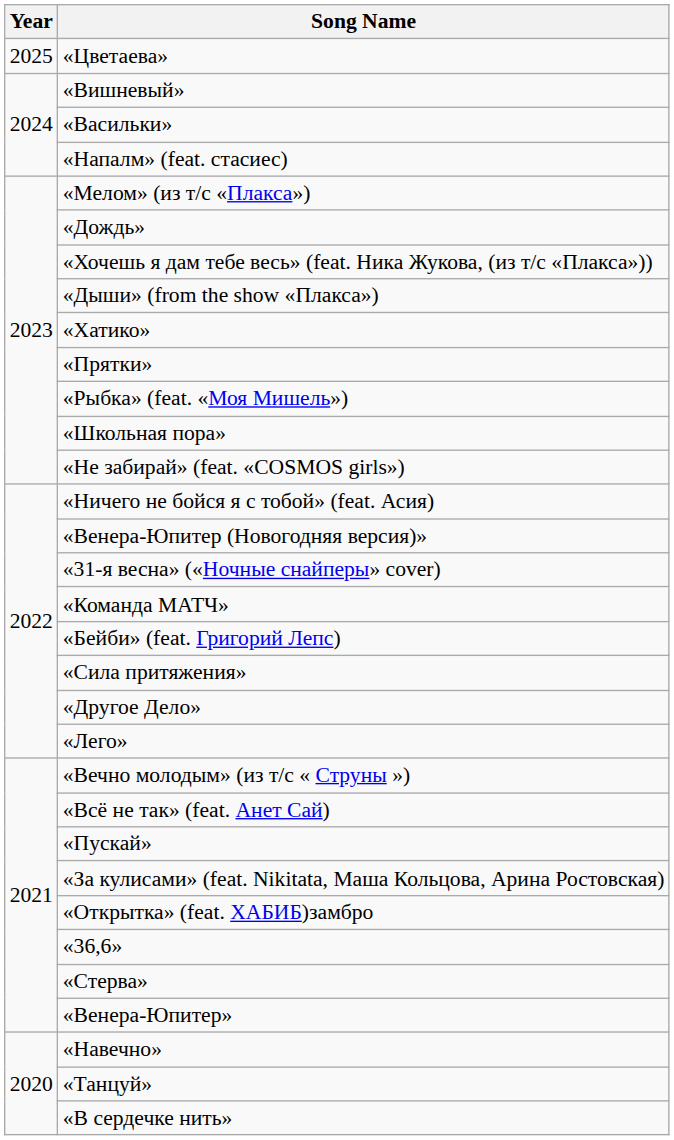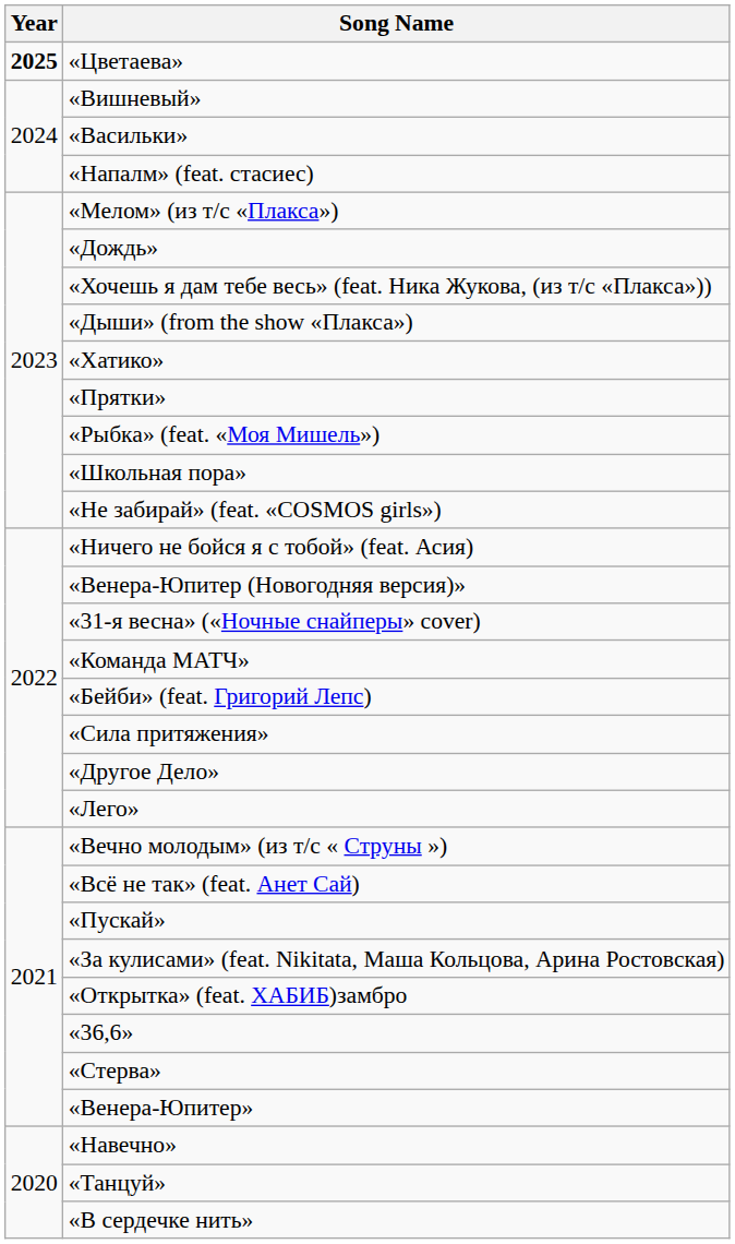 <table class="wikitable sortable">
 <tr>
 <th>Year</th>
 <th>Song Name</th>
 </tr>
 <tr>
-<td>2025</td>
+<td><strong>2025</strong></td>
 <td>«Цветаева»</td>
 </tr>
 <tr>
 <td rowspan="3">2024</td>
 <td>«Вишневый»</td>
 </tr>
 <tr>
 <td>«Васильки»</td>
 </tr>
 <tr>
 <td>«Напалм» (feat. стасиес)</td>
 </tr>
 <tr>
 <td rowspan="9">2023</td>
 <td>«Мелом» (из т/с «<a href='#'>Плакса</a>»)</td>
 </tr>
 <tr>
 <td>«Дождь»</td>
 </tr>
 <tr>
 <td>«Хочешь я дам тебе весь» (feat. Ника Жукова, (из т/с «Плакса»))</td>
 </tr>
 <tr>
 <td>«Дыши» (from the show «Плакса»)</td>
 </tr>
 <tr>
 <td>«Хатико»</td>
 </tr>
 <tr>
 <td>«Прятки»</td>
 </tr>
 <tr>
 <td>«Рыбка» (feat. «<a href='#'>Моя Мишель</a>»)</td>
 </tr>
 <tr>
 <td>«Школьная пора»</td>
 </tr>
 <tr>
 <td>«Не забирай» (feat. «COSMOS girls»)</td>
 </tr>
 <tr>
 <td rowspan="8">2022</td>
 <td>«Ничего не бойся я с тобой» (feat. Асия)</td>
 </tr>
 <tr>
 <td>«Венера-Юпитер (Новогодняя версия)»</td>
 </tr>
 <tr>
 <td>«31-я весна» («<a href='#'>Ночные снайперы</a>» cover)</td>
 </tr>
 <tr>
 <td>«Команда МАТЧ»</td>
 </tr>
 <tr>
 <td>«Бейби» (feat. <a href='#'>Григорий Лепс</a>)</td>
 </tr>
 <tr>
 <td>«Сила притяжения»</td>
 </tr>
 <tr>
 <td>«Другое Дело»</td>
 </tr>
 <tr>
 <td>«Лего»</td>
 </tr>
 <tr>
 <td rowspan="8">2021</td>
 <td>«Вечно молодым» (из т/с « <a href='#'>Струны</a> »)</td>
 </tr>
 <tr>
 <td>«Всё не так» (feat. <a href='#'>Анет Сай</a>)</td>
 </tr>
 <tr>
 <td>«Пускай»</td>
 </tr>
 <tr>
 <td>«За кулисами» (feat. Nikitata, Маша Кольцова, Арина Ростовская)</td>
 </tr>
 <tr>
 <td>«Открытка» (feat. <a href='#'>ХАБИБ</a>)замбро</td>
 </tr>
 <tr>
 <td>«36,6»</td>
 </tr>
 <tr>
 <td>«Стерва»</td>
 </tr>
 <tr>
 <td>«Венера-Юпитер»</td>
 </tr>
 <tr>
 <td rowspan="3">2020</td>
 <td>«Навечно»</td>
 </tr>
 <tr>
 <td>«Танцуй»</td>
 </tr>
 <tr>
 <td>«В сердечке нить»</td>
 </tr>
 </table>
